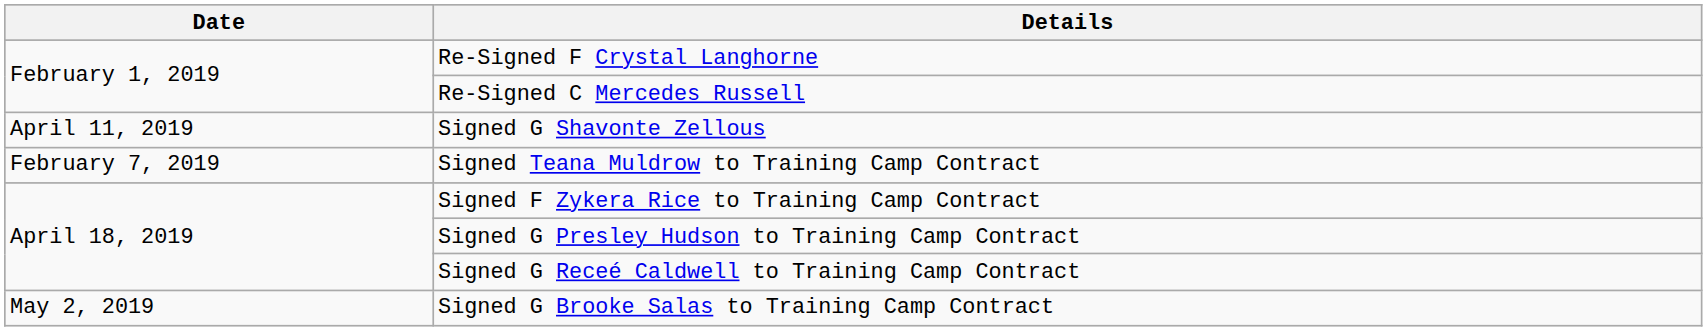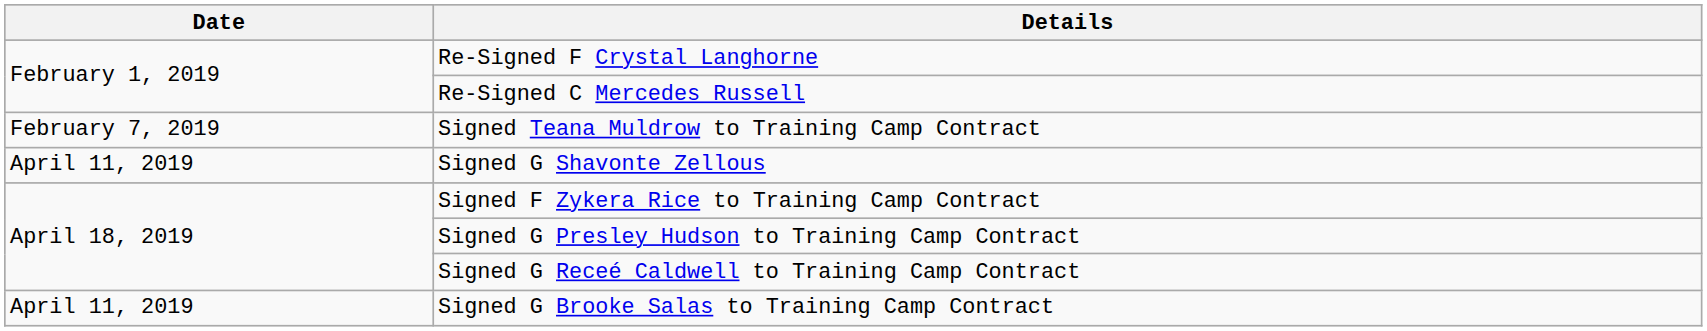 <table class="wikitable" style="width:80%">
 <tr>
 <th>Date</th>
 <th>Details</th>
 </tr>
 <tr>
 <td rowspan=2>February 1, 2019</td>
 <td>Re-Signed F <a href='#'>Crystal Langhorne</a></td>
 </tr>
 <tr>
 <td>Re-Signed C <a href='#'>Mercedes Russell</a></td>
 </tr>
 <tr>
+<td>February 7, 2019</td>
+<td>Signed <a href='#'>Teana Muldrow</a> to Training Camp Contract</td>
+</tr>
+<tr>
 <td>April 11, 2019</td>
 <td>Signed G <a href='#'>Shavonte Zellous</a></td>
-</tr>
-<tr>
-<td>February 7, 2019</td>
-<td>Signed <a href='#'>Teana Muldrow</a> to Training Camp Contract</td>
 </tr>
 <tr>
 <td rowspan=3>April 18, 2019</td>
 <td>Signed F <a href='#'>Zykera Rice</a> to Training Camp Contract</td>
 </tr>
 <tr>
 <td>Signed G <a href='#'>Presley Hudson</a> to Training Camp Contract</td>
 </tr>
 <tr>
 <td>Signed G <a href='#'>Receé Caldwell</a> to Training Camp Contract</td>
 </tr>
 <tr>
-<td>May 2, 2019</td>
+<td>April 11, 2019</td>
 <td>Signed G <a href='#'>Brooke Salas</a> to Training Camp Contract</td>
 </tr>
 </table>
